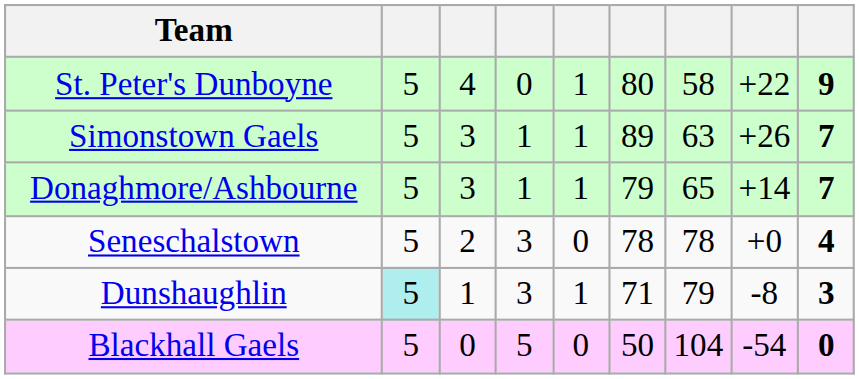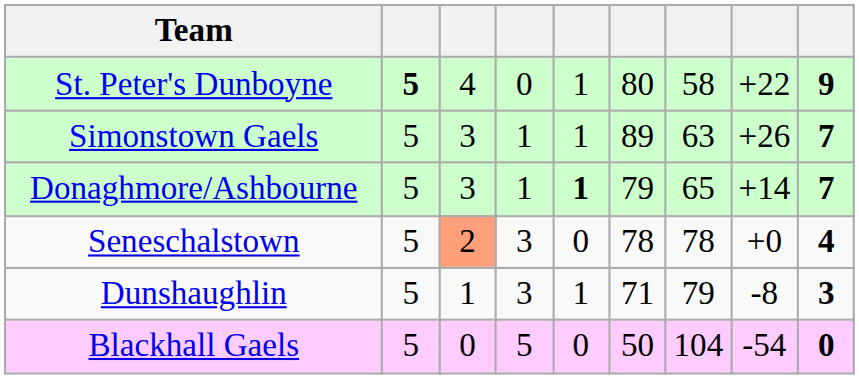 <table class="wikitable" style="text-align:center">
 <tr>
 <th style="width:175px;">Team</th>
 <th width="20"></th>
 <th width="20"></th>
 <th width="20"></th>
 <th width="20"></th>
 <th width="20"></th>
 <th width="20"></th>
 <th width="20"></th>
 <th width="20"></th>
 </tr>
 <tr style="background:#cfc;">
 <td><a href='#'>St. Peter's Dunboyne</a></td>
-<td>5</td>
+<td><strong>5</strong></td>
 <td>4</td>
 <td>0</td>
 <td>1</td>
 <td>80</td>
 <td>58</td>
 <td>+22</td>
 <td><strong>9</strong></td>
 </tr>
 <tr style="background:#cfc;">
 <td><a href='#'>Simonstown Gaels</a></td>
 <td>5</td>
 <td>3</td>
 <td>1</td>
 <td>1</td>
 <td>89</td>
 <td>63</td>
 <td>+26</td>
 <td><strong>7</strong></td>
 </tr>
 <tr style="background:#cfc;">
 <td><a href='#'>Donaghmore/Ashbourne</a></td>
 <td>5</td>
 <td>3</td>
 <td>1</td>
-<td>1</td>
+<td><strong>1</strong></td>
 <td>79</td>
 <td>65</td>
 <td>+14</td>
 <td><strong>7</strong></td>
 </tr>
 <tr>
 <td><a href='#'>Seneschalstown</a></td>
 <td>5</td>
-<td>2</td>
+<td style="background: lightsalmon;">2</td>
 <td>3</td>
 <td>0</td>
 <td>78</td>
 <td>78</td>
 <td>+0</td>
 <td><strong>4</strong></td>
 </tr>
 <tr>
 <td><a href='#'>Dunshaughlin</a></td>
-<td style="background: paleturquoise;">5</td>
+<td>5</td>
 <td>1</td>
 <td>3</td>
 <td>1</td>
 <td>71</td>
 <td>79</td>
 <td>-8</td>
 <td><strong>3</strong></td>
 </tr>
 <tr style="background:#fcf;">
 <td><a href='#'>Blackhall Gaels</a></td>
 <td>5</td>
 <td>0</td>
 <td>5</td>
 <td>0</td>
 <td>50</td>
 <td>104</td>
 <td>-54</td>
 <td><strong>0</strong></td>
 </tr>
 </table>
